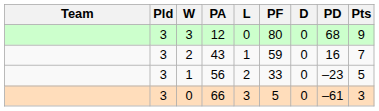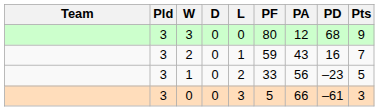 <table class="wikitable" style="text-align:center;">
 <tr>
 <th width=175>Team</th>
 <th width=25 abbr="Played">Pld</th>
 <th width=25 abbr="Won">W</th>
-<th width=32 abbr="Points against">PA</th>
+<th width=25 abbr="Drawn">D</th>
 <th width=25 abbr="Lost">L</th>
 <th width=32 abbr="Points for">PF</th>
-<th width=25 abbr="Drawn">D</th>
+<th width=32 abbr="Points against">PA</th>
 <th width=32 abbr="Points difference">PD</th>
 <th width=25 abbr="Points">Pts</th>
 </tr>
 <tr bgcolor="#ccffcc">
 <td align=left></td>
 <td>3</td>
 <td>3</td>
-<td>12</td>
+<td>0</td>
 <td>0</td>
 <td>80</td>
-<td>0</td>
+<td>12</td>
 <td>68</td>
 <td>9</td>
 </tr>
 <tr>
 <td align=left></td>
 <td>3</td>
 <td>2</td>
-<td>43</td>
+<td>0</td>
 <td>1</td>
 <td>59</td>
-<td>0</td>
+<td>43</td>
 <td>16</td>
 <td>7</td>
 </tr>
 <tr>
 <td align=left></td>
 <td>3</td>
 <td>1</td>
-<td>56</td>
+<td>0</td>
 <td>2</td>
 <td>33</td>
-<td>0</td>
+<td>56</td>
 <td>–23</td>
 <td>5</td>
 </tr>
 <tr bgcolor="#ffddbb">
 <td align=left></td>
 <td>3</td>
 <td>0</td>
-<td>66</td>
+<td>0</td>
 <td>3</td>
 <td>5</td>
-<td>0</td>
+<td>66</td>
 <td>–61</td>
 <td>3</td>
 </tr>
 </table>
